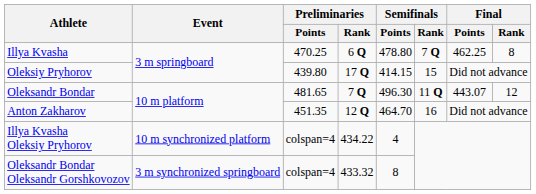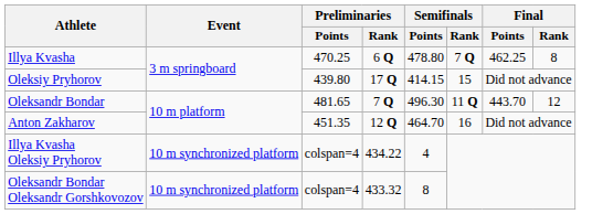 <table class="wikitable" style="font-size:90%">
 <tr>
 <th rowspan="2">Athlete</th>
 <th rowspan="2">Event</th>
 <th colspan=2>Preliminaries</th>
 <th colspan=2>Semifinals</th>
 <th colspan=2>Final</th>
 </tr>
 <tr style="font-size:95%">
 <th>Points</th>
 <th>Rank</th>
 <th>Points</th>
 <th>Rank</th>
 <th>Points</th>
 <th>Rank</th>
 </tr>
 <tr align=center>
 <td align=left><a href='#'>Illya Kvasha</a></td>
 <td align=left rowspan=2><a href='#'>3 m springboard</a></td>
 <td>470.25</td>
 <td>6 <strong>Q</strong></td>
 <td>478.80</td>
 <td>7 <strong>Q</strong></td>
 <td>462.25</td>
 <td>8</td>
 </tr>
 <tr align=center>
 <td align=left><a href='#'>Oleksiy Pryhorov</a></td>
 <td>439.80</td>
 <td>17 <strong>Q</strong></td>
 <td>414.15</td>
 <td>15</td>
 <td colspan=2>Did not advance</td>
 </tr>
 <tr align=center>
 <td align=left><a href='#'>Oleksandr Bondar</a></td>
 <td align=left rowspan=2><a href='#'>10 m platform</a></td>
 <td>481.65</td>
 <td>7 <strong>Q</strong></td>
 <td>496.30</td>
 <td>11 <strong>Q</strong></td>
-<td>443.07</td>
+<td>443.70</td>
 <td>12</td>
 </tr>
 <tr align=center>
 <td align=left><a href='#'>Anton Zakharov</a></td>
 <td>451.35</td>
 <td>12 <strong>Q</strong></td>
 <td>464.70</td>
 <td>16</td>
 <td colspan=2>Did not advance</td>
 </tr>
 <tr align=center>
 <td align=left><a href='#'>Illya Kvasha</a><br><a href='#'>Oleksiy Pryhorov</a></td>
 <td align=left><a href='#'>10 m synchronized platform</a></td>
 <td>colspan=4 </td>
 <td>434.22</td>
 <td>4</td>
 </tr>
 <tr align=center>
 <td align=left><a href='#'>Oleksandr Bondar</a><br><a href='#'>Oleksandr Gorshkovozov</a></td>
-<td align=left><a href='#'>3 m synchronized springboard</a></td>
+<td align=left><a href='#'>10 m synchronized platform</a></td>
 <td>colspan=4 </td>
 <td>433.32</td>
 <td>8</td>
 </tr>
 </table>
